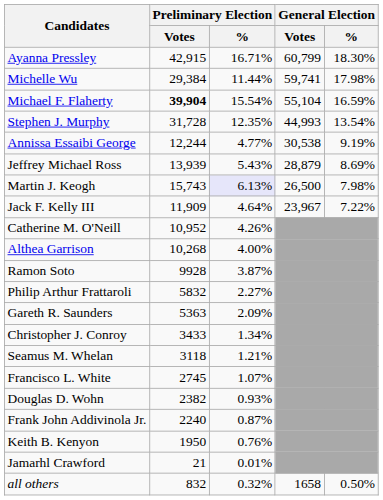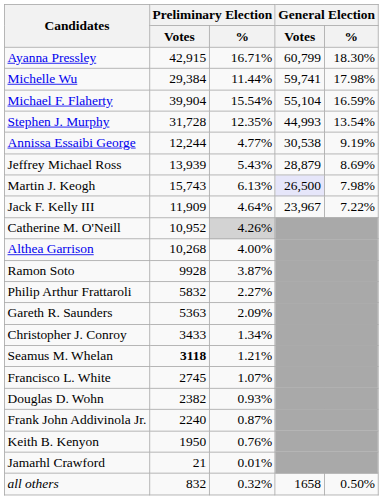 <table class=wikitable>
 <tr>
 <th colspan=1 rowspan=2><strong>Candidates</strong></th>
 <th colspan=2><strong>Preliminary Election</strong></th>
 <th colspan=2><strong>General Election</strong></th>
 </tr>
 <tr>
 <th>Votes</th>
 <th>%</th>
 <th>Votes</th>
 <th>%</th>
 </tr>
 <tr>
 <td><a href='#'>Ayanna Pressley</a></td>
 <td align="right">42,915</td>
 <td align="right">16.71%</td>
 <td align="right">60,799</td>
 <td align="right">18.30%</td>
 </tr>
 <tr>
 <td><a href='#'>Michelle Wu</a></td>
 <td align="right">29,384</td>
 <td align="right">11.44%</td>
 <td align="right">59,741</td>
 <td align="right">17.98%</td>
 </tr>
 <tr>
 <td><a href='#'>Michael F. Flaherty</a></td>
-<td align="right"><strong>39,904</strong></td>
+<td align="right">39,904</td>
 <td align="right">15.54%</td>
 <td align="right">55,104</td>
 <td align="right">16.59%</td>
 </tr>
 <tr>
 <td><a href='#'>Stephen J. Murphy</a></td>
 <td align="right">31,728</td>
 <td align="right">12.35%</td>
 <td align="right">44,993</td>
 <td align="right">13.54%</td>
 </tr>
 <tr>
 <td><a href='#'>Annissa Essaibi George</a></td>
 <td align="right">12,244</td>
 <td align="right">4.77%</td>
 <td align="right">30,538</td>
 <td align="right">9.19%</td>
 </tr>
 <tr>
 <td>Jeffrey Michael Ross</td>
 <td align="right">13,939</td>
 <td align="right">5.43%</td>
 <td align="right">28,879</td>
 <td align="right">8.69%</td>
 </tr>
 <tr>
 <td>Martin J. Keogh</td>
 <td align="right">15,743</td>
-<td align="right" style="background: lavender;">6.13%</td>
-<td align="right">26,500</td>
+<td align="right">6.13%</td>
+<td align="right" style="background: lavender;">26,500</td>
 <td align="right">7.98%</td>
 </tr>
 <tr>
 <td>Jack F. Kelly III</td>
 <td align="right">11,909</td>
 <td align="right">4.64%</td>
 <td align="right">23,967</td>
 <td align="right">7.22%</td>
 </tr>
 <tr>
 <td>Catherine M. O'Neill</td>
 <td align="right">10,952</td>
-<td align="right">4.26%</td>
+<td align="right" style="background: lightgrey;">4.26%</td>
 <td colspan=2 bgcolor=darkgray> </td>
 </tr>
 <tr>
 <td><a href='#'>Althea Garrison</a></td>
 <td align="right">10,268</td>
 <td align="right">4.00%</td>
 <td colspan=2 bgcolor=darkgray> </td>
 </tr>
 <tr>
 <td>Ramon Soto</td>
 <td align="right">9928</td>
 <td align="right">3.87%</td>
 <td colspan=2 bgcolor=darkgray> </td>
 </tr>
 <tr>
 <td>Philip Arthur Frattaroli</td>
 <td align="right">5832</td>
 <td align="right">2.27%</td>
 <td colspan=2 bgcolor=darkgray> </td>
 </tr>
 <tr>
 <td>Gareth R. Saunders</td>
 <td align="right">5363</td>
 <td align="right">2.09%</td>
 <td colspan=2 bgcolor=darkgray> </td>
 </tr>
 <tr>
 <td>Christopher J. Conroy</td>
 <td align="right">3433</td>
 <td align="right">1.34%</td>
 <td colspan=2 bgcolor=darkgray> </td>
 </tr>
 <tr>
 <td>Seamus M. Whelan</td>
-<td align="right">3118</td>
+<td align="right"><strong>3118</strong></td>
 <td align="right">1.21%</td>
 <td colspan=2 bgcolor=darkgray> </td>
 </tr>
 <tr>
 <td>Francisco L. White</td>
 <td align="right">2745</td>
 <td align="right">1.07%</td>
 <td colspan=2 bgcolor=darkgray> </td>
 </tr>
 <tr>
 <td>Douglas D. Wohn</td>
 <td align="right">2382</td>
 <td align="right">0.93%</td>
 <td colspan=2 bgcolor=darkgray> </td>
 </tr>
 <tr>
 <td>Frank John Addivinola Jr.</td>
 <td align="right">2240</td>
 <td align="right">0.87%</td>
 <td colspan=2 bgcolor=darkgray> </td>
 </tr>
 <tr>
 <td>Keith B. Kenyon</td>
 <td align="right">1950</td>
 <td align="right">0.76%</td>
 <td colspan=2 bgcolor=darkgray> </td>
 </tr>
 <tr>
 <td>Jamarhl Crawford</td>
 <td align="right">21</td>
 <td align="right">0.01%</td>
 <td colspan=2 bgcolor=darkgray> </td>
 </tr>
 <tr>
 <td><em>all others</em></td>
 <td align="right">832</td>
 <td align="right">0.32%</td>
 <td align="right">1658</td>
 <td align="right">0.50%</td>
 </tr>
 </table>
